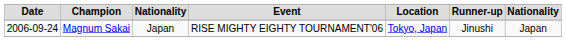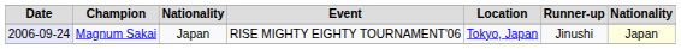 <table class="wikitable" style="text-align:center">
 <tr>
 </tr>
 <tr bgcolor="#dddddd">
 <td><strong>Date</strong></td>
 <td><strong>Champion</strong></td>
 <td><strong>Nationality</strong></td>
 <td><strong>Event</strong></td>
 <td><strong>Location</strong></td>
 <td><strong>Runner-up</strong></td>
 <td><strong>Nationality</strong></td>
 </tr>
 <tr>
 </tr>
 <tr>
-<td>2006-09-24</td>
+<td style="background: lavender;">2006-09-24</td>
 <td><a href='#'>Magnum Sakai</a></td>
 <td> Japan</td>
 <td>RISE MIGHTY EIGHTY TOURNAMENT'06</td>
 <td><a href='#'>Tokyo, Japan</a></td>
 <td>Jinushi</td>
-<td> Japan</td>
+<td style="background: lightyellow;"> Japan</td>
 </tr>
 <tr>
 </tr>
 </table>
